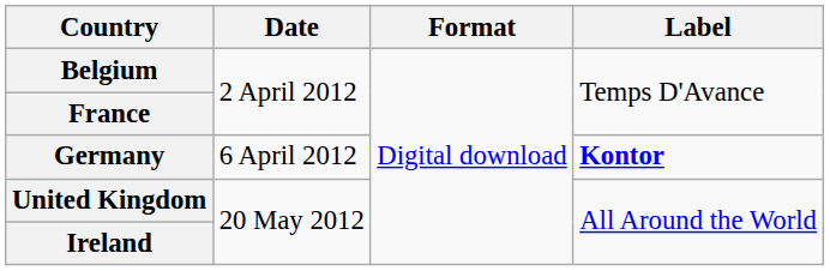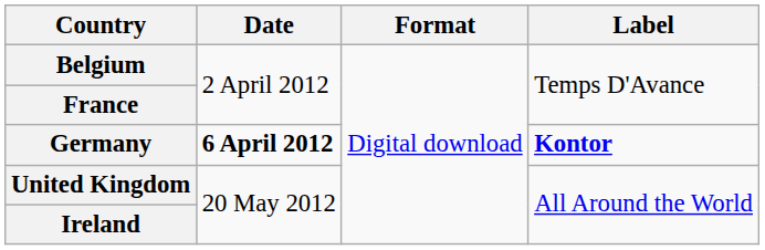 <table class="wikitable plainrowheaders">
 <tr>
 <th scope="col">Country</th>
 <th scope="col">Date</th>
 <th scope="col">Format</th>
 <th scope="col">Label</th>
 </tr>
 <tr>
 <th scope="row">Belgium</th>
 <td rowspan="2">2 April 2012</td>
 <td rowspan="5"><a href='#'>Digital download</a></td>
 <td rowspan="2">Temps D'Avance</td>
 </tr>
 <tr>
 <th scope="row">France</th>
 </tr>
 <tr>
 <th scope="row">Germany</th>
-<td>6 April 2012</td>
+<td><strong>6 April 2012</strong></td>
 <td><strong><a href='#'>Kontor</a></strong></td>
 </tr>
 <tr>
 <th scope="row">United Kingdom</th>
 <td rowspan="2">20 May 2012</td>
 <td rowspan="2"><a href='#'>All Around the World</a></td>
 </tr>
 <tr>
 <th scope="row">Ireland</th>
 </tr>
 </table>
